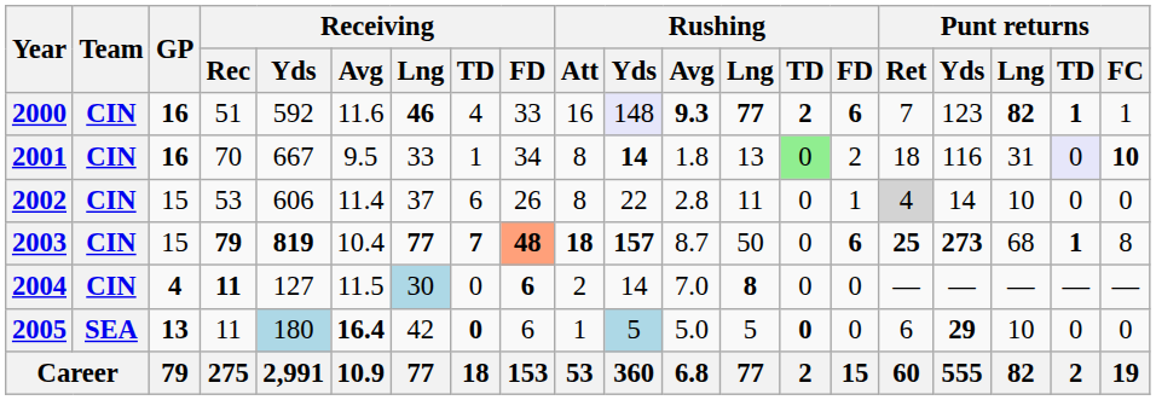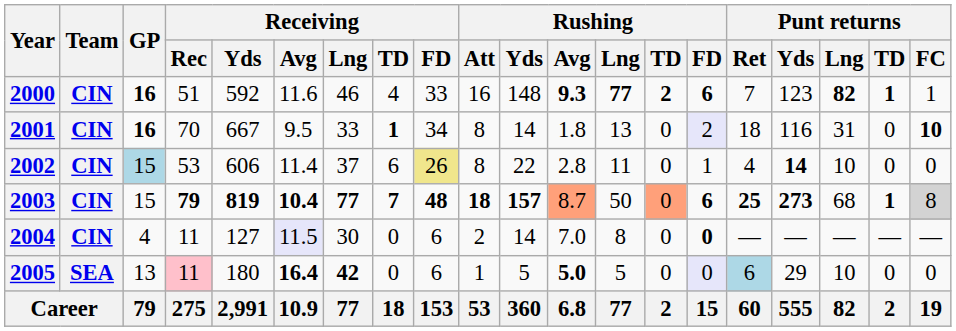 <table class="wikitable" style="text-align:center;">
 <tr>
 <th rowspan="2">Year</th>
 <th rowspan="2">Team</th>
 <th rowspan="2">GP</th>
 <th colspan="6">Receiving</th>
 <th colspan="6">Rushing</th>
 <th colspan="5">Punt returns</th>
 </tr>
 <tr>
 <th>Rec</th>
 <th>Yds</th>
 <th>Avg</th>
 <th>Lng</th>
 <th>TD</th>
 <th>FD</th>
 <th>Att</th>
 <th>Yds</th>
 <th>Avg</th>
 <th>Lng</th>
 <th>TD</th>
 <th>FD</th>
 <th>Ret</th>
 <th>Yds</th>
 <th>Lng</th>
 <th>TD</th>
 <th>FC</th>
 </tr>
 <tr>
 <th><a href='#'>2000</a></th>
 <th><a href='#'>CIN</a></th>
 <td><strong>16</strong></td>
 <td>51</td>
 <td>592</td>
 <td>11.6</td>
-<td><strong>46</strong></td>
+<td>46</td>
 <td>4</td>
 <td>33</td>
 <td>16</td>
-<td style="background: lavender;">148</td>
+<td>148</td>
 <td><strong>9.3</strong></td>
 <td><strong>77</strong></td>
 <td><strong>2</strong></td>
 <td><strong>6</strong></td>
 <td>7</td>
 <td>123</td>
 <td><strong>82</strong></td>
 <td><strong>1</strong></td>
 <td>1</td>
 </tr>
 <tr>
 <th><a href='#'>2001</a></th>
 <th><a href='#'>CIN</a></th>
 <td><strong>16</strong></td>
 <td>70</td>
 <td>667</td>
 <td>9.5</td>
 <td>33</td>
-<td>1</td>
+<td><strong>1</strong></td>
 <td>34</td>
 <td>8</td>
-<td><strong>14</strong></td>
+<td>14</td>
 <td>1.8</td>
 <td>13</td>
-<td style="background: lightgreen;">0</td>
-<td>2</td>
+<td>0</td>
+<td style="background: lavender;">2</td>
 <td>18</td>
 <td>116</td>
 <td>31</td>
-<td style="background: lavender;">0</td>
+<td>0</td>
 <td><strong>10</strong></td>
 </tr>
 <tr>
 <th><a href='#'>2002</a></th>
 <th><a href='#'>CIN</a></th>
-<td>15</td>
+<td style="background: lightblue;">15</td>
 <td>53</td>
 <td>606</td>
 <td>11.4</td>
 <td>37</td>
 <td>6</td>
-<td>26</td>
+<td style="background: khaki;">26</td>
 <td>8</td>
 <td>22</td>
 <td>2.8</td>
 <td>11</td>
 <td>0</td>
 <td>1</td>
-<td style="background: lightgrey;">4</td>
-<td>14</td>
+<td>4</td>
+<td><strong>14</strong></td>
 <td>10</td>
 <td>0</td>
 <td>0</td>
 </tr>
 <tr>
 <th><a href='#'>2003</a></th>
 <th><a href='#'>CIN</a></th>
 <td>15</td>
 <td><strong>79</strong></td>
 <td><strong>819</strong></td>
-<td>10.4</td>
+<td><strong>10.4</strong></td>
 <td><strong>77</strong></td>
 <td><strong>7</strong></td>
-<td style="background: lightsalmon;"><strong>48</strong></td>
+<td><strong>48</strong></td>
 <td><strong>18</strong></td>
 <td><strong>157</strong></td>
-<td>8.7</td>
+<td style="background: lightsalmon;">8.7</td>
 <td>50</td>
-<td>0</td>
+<td style="background: lightsalmon;">0</td>
 <td><strong>6</strong></td>
 <td><strong>25</strong></td>
 <td><strong>273</strong></td>
 <td>68</td>
 <td><strong>1</strong></td>
-<td>8</td>
+<td style="background: lightgrey;">8</td>
 </tr>
 <tr>
 <th><a href='#'>2004</a></th>
 <th><a href='#'>CIN</a></th>
-<td><strong>4</strong></td>
-<td><strong>11</strong></td>
+<td>4</td>
+<td>11</td>
 <td>127</td>
-<td>11.5</td>
-<td style="background: lightblue;">30</td>
+<td style="background: lavender;">11.5</td>
+<td>30</td>
 <td>0</td>
-<td><strong>6</strong></td>
+<td>6</td>
 <td>2</td>
 <td>14</td>
 <td>7.0</td>
-<td><strong>8</strong></td>
+<td>8</td>
 <td>0</td>
-<td>0</td>
+<td><strong>0</strong></td>
 <td>—</td>
 <td>—</td>
 <td>—</td>
 <td>—</td>
 <td>—</td>
 </tr>
 <tr>
 <th><a href='#'>2005</a></th>
 <th><a href='#'>SEA</a></th>
-<td><strong>13</strong></td>
-<td>11</td>
-<td style="background: lightblue;">180</td>
+<td>13</td>
+<td style="background: pink;">11</td>
+<td>180</td>
 <td><strong>16.4</strong></td>
-<td>42</td>
-<td><strong>0</strong></td>
+<td><strong>42</strong></td>
+<td>0</td>
 <td>6</td>
 <td>1</td>
-<td style="background: lightblue;">5</td>
-<td>5.0</td>
 <td>5</td>
-<td><strong>0</strong></td>
+<td><strong>5.0</strong></td>
+<td>5</td>
 <td>0</td>
-<td>6</td>
-<td><strong>29</strong></td>
+<td style="background: lavender;">0</td>
+<td style="background: lightblue;">6</td>
+<td>29</td>
 <td>10</td>
 <td>0</td>
 <td>0</td>
 </tr>
 <tr>
 <th colspan="2">Career</th>
 <th>79</th>
 <th>275</th>
 <th>2,991</th>
 <th>10.9</th>
 <th>77</th>
 <th>18</th>
 <th>153</th>
 <th>53</th>
 <th>360</th>
 <th>6.8</th>
 <th>77</th>
 <th>2</th>
 <th>15</th>
 <th>60</th>
 <th>555</th>
 <th>82</th>
 <th>2</th>
 <th>19</th>
 </tr>
 </table>
